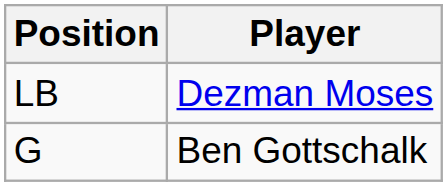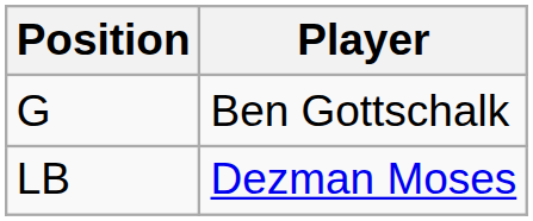 <table class="wikitable sortable">
 <tr>
 <th>Position</th>
 <th>Player</th>
 </tr>
 <tr>
+<td>G</td>
+<td>Ben Gottschalk</td>
+</tr>
+<tr>
 <td>LB</td>
 <td><a href='#'>Dezman Moses</a></td>
 </tr>
-<tr>
-<td>G</td>
-<td>Ben Gottschalk</td>
-</tr>
 </table>
